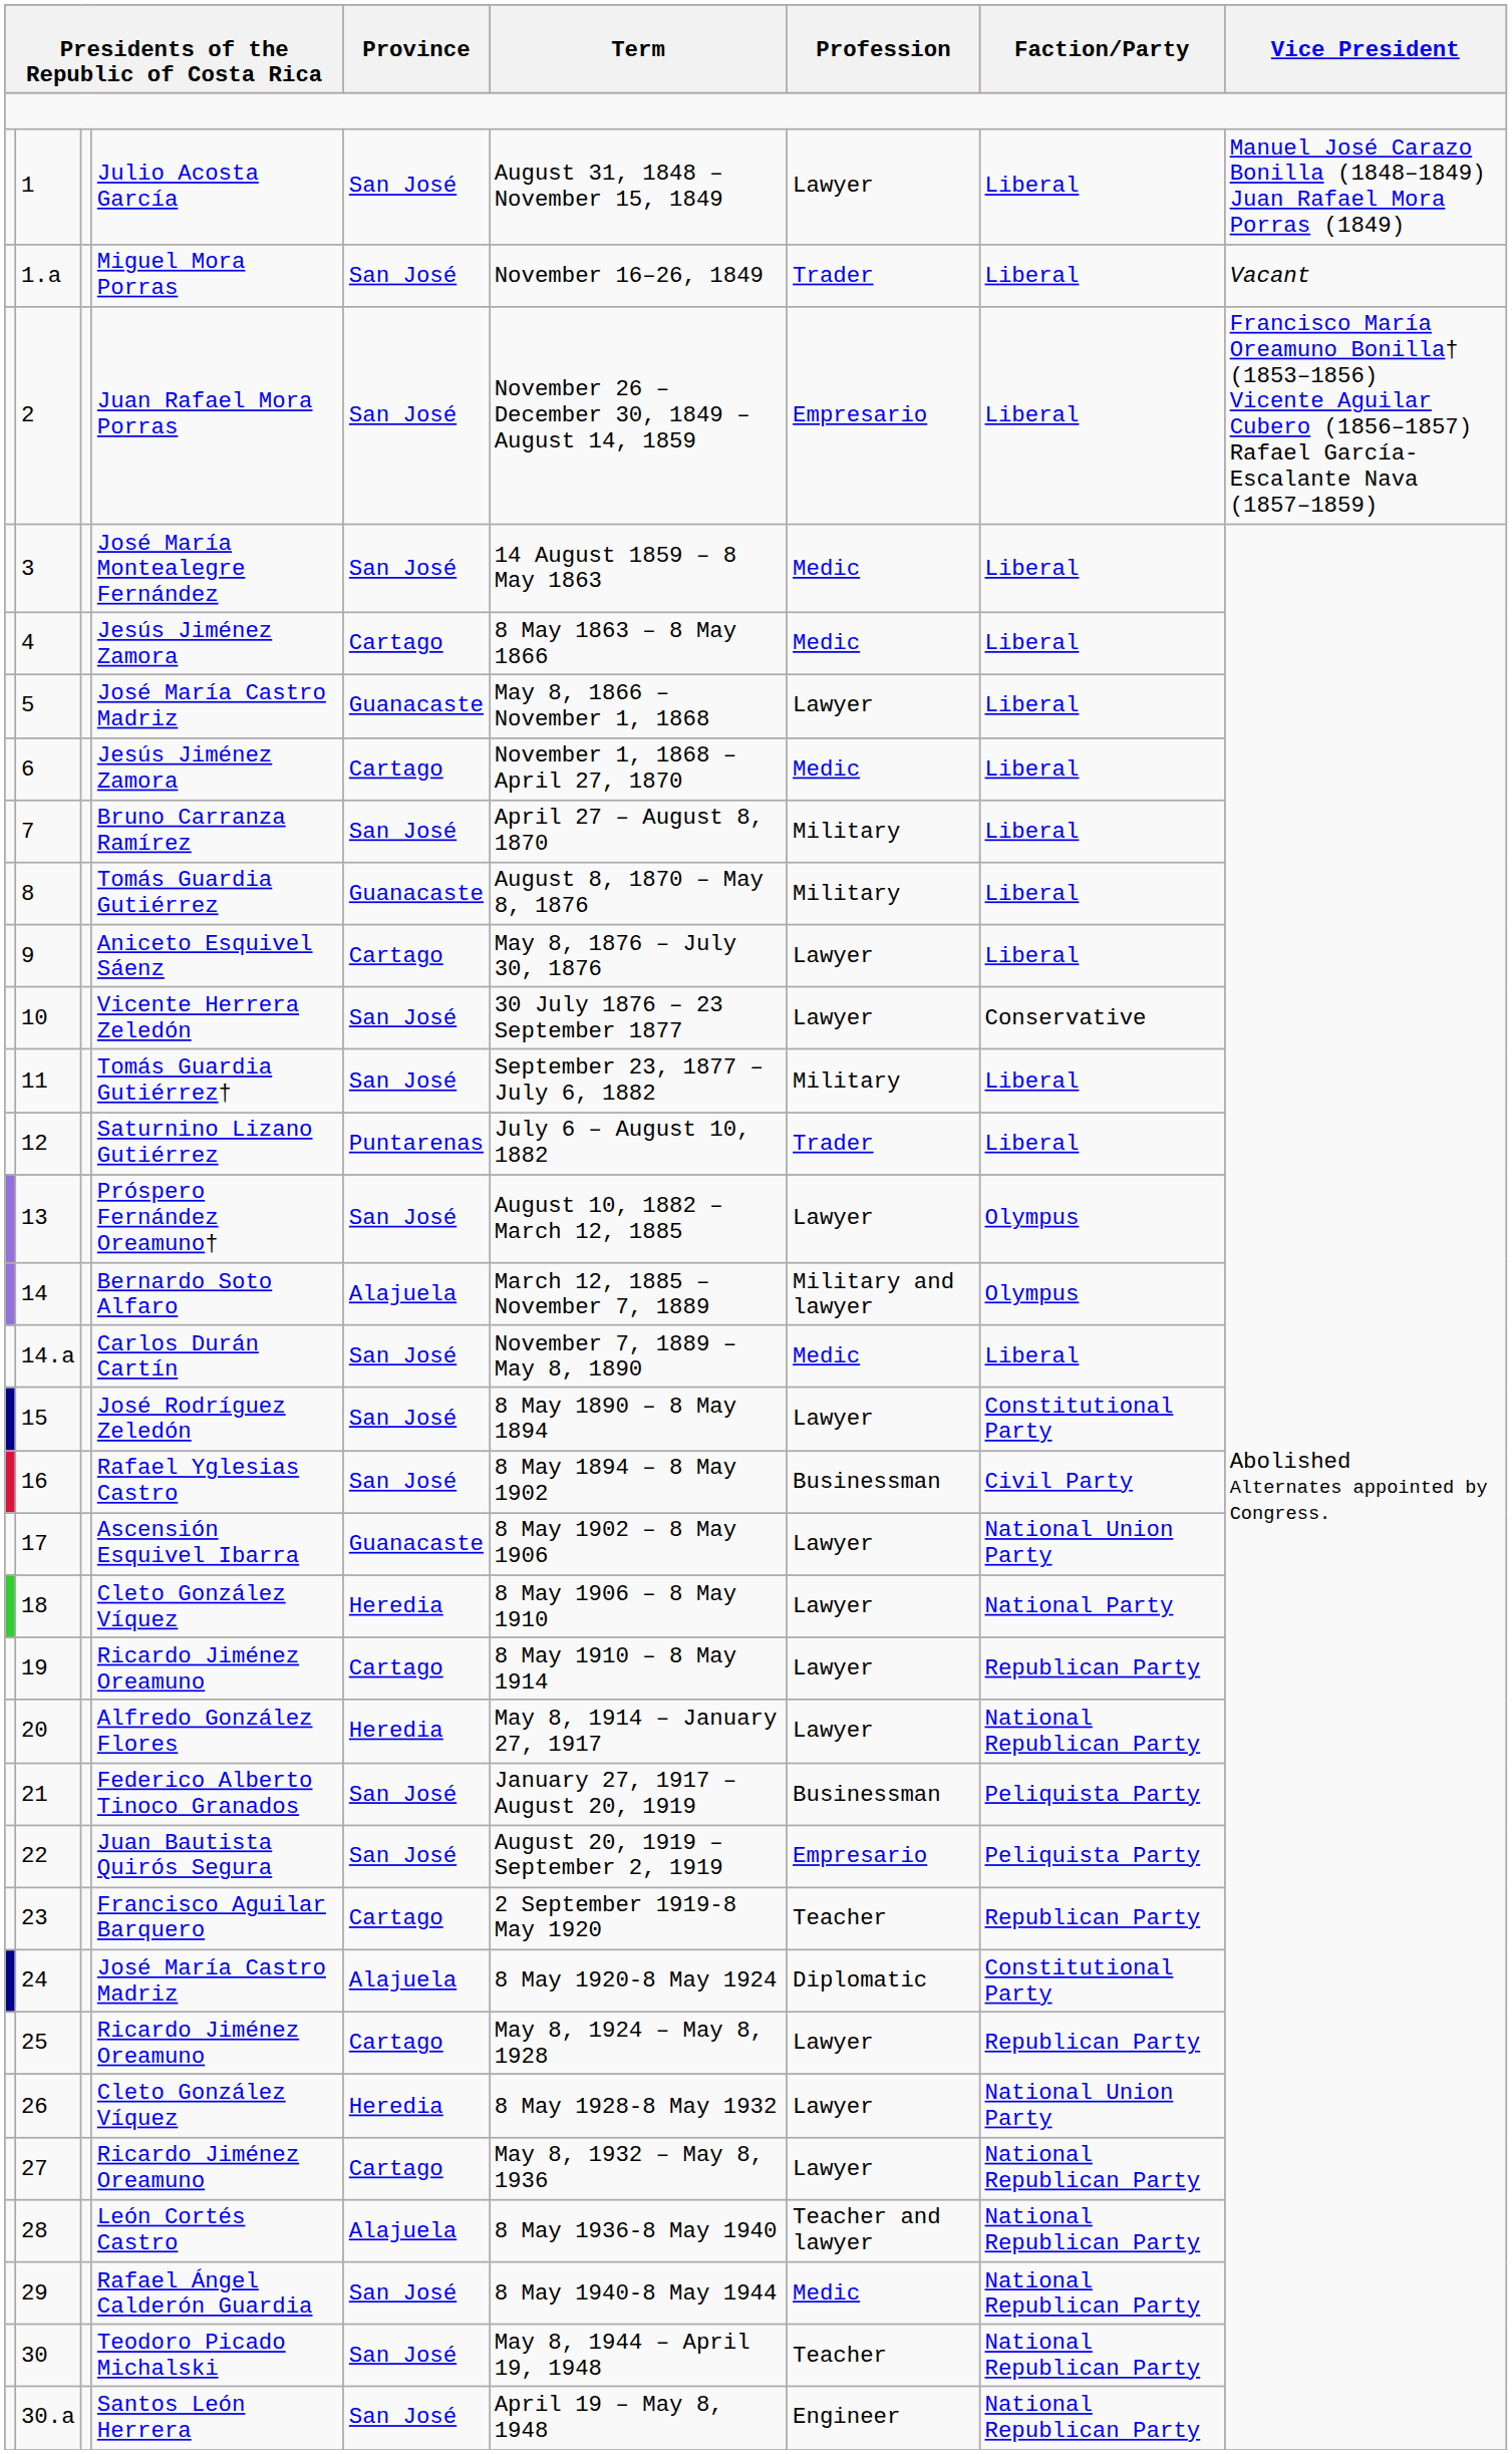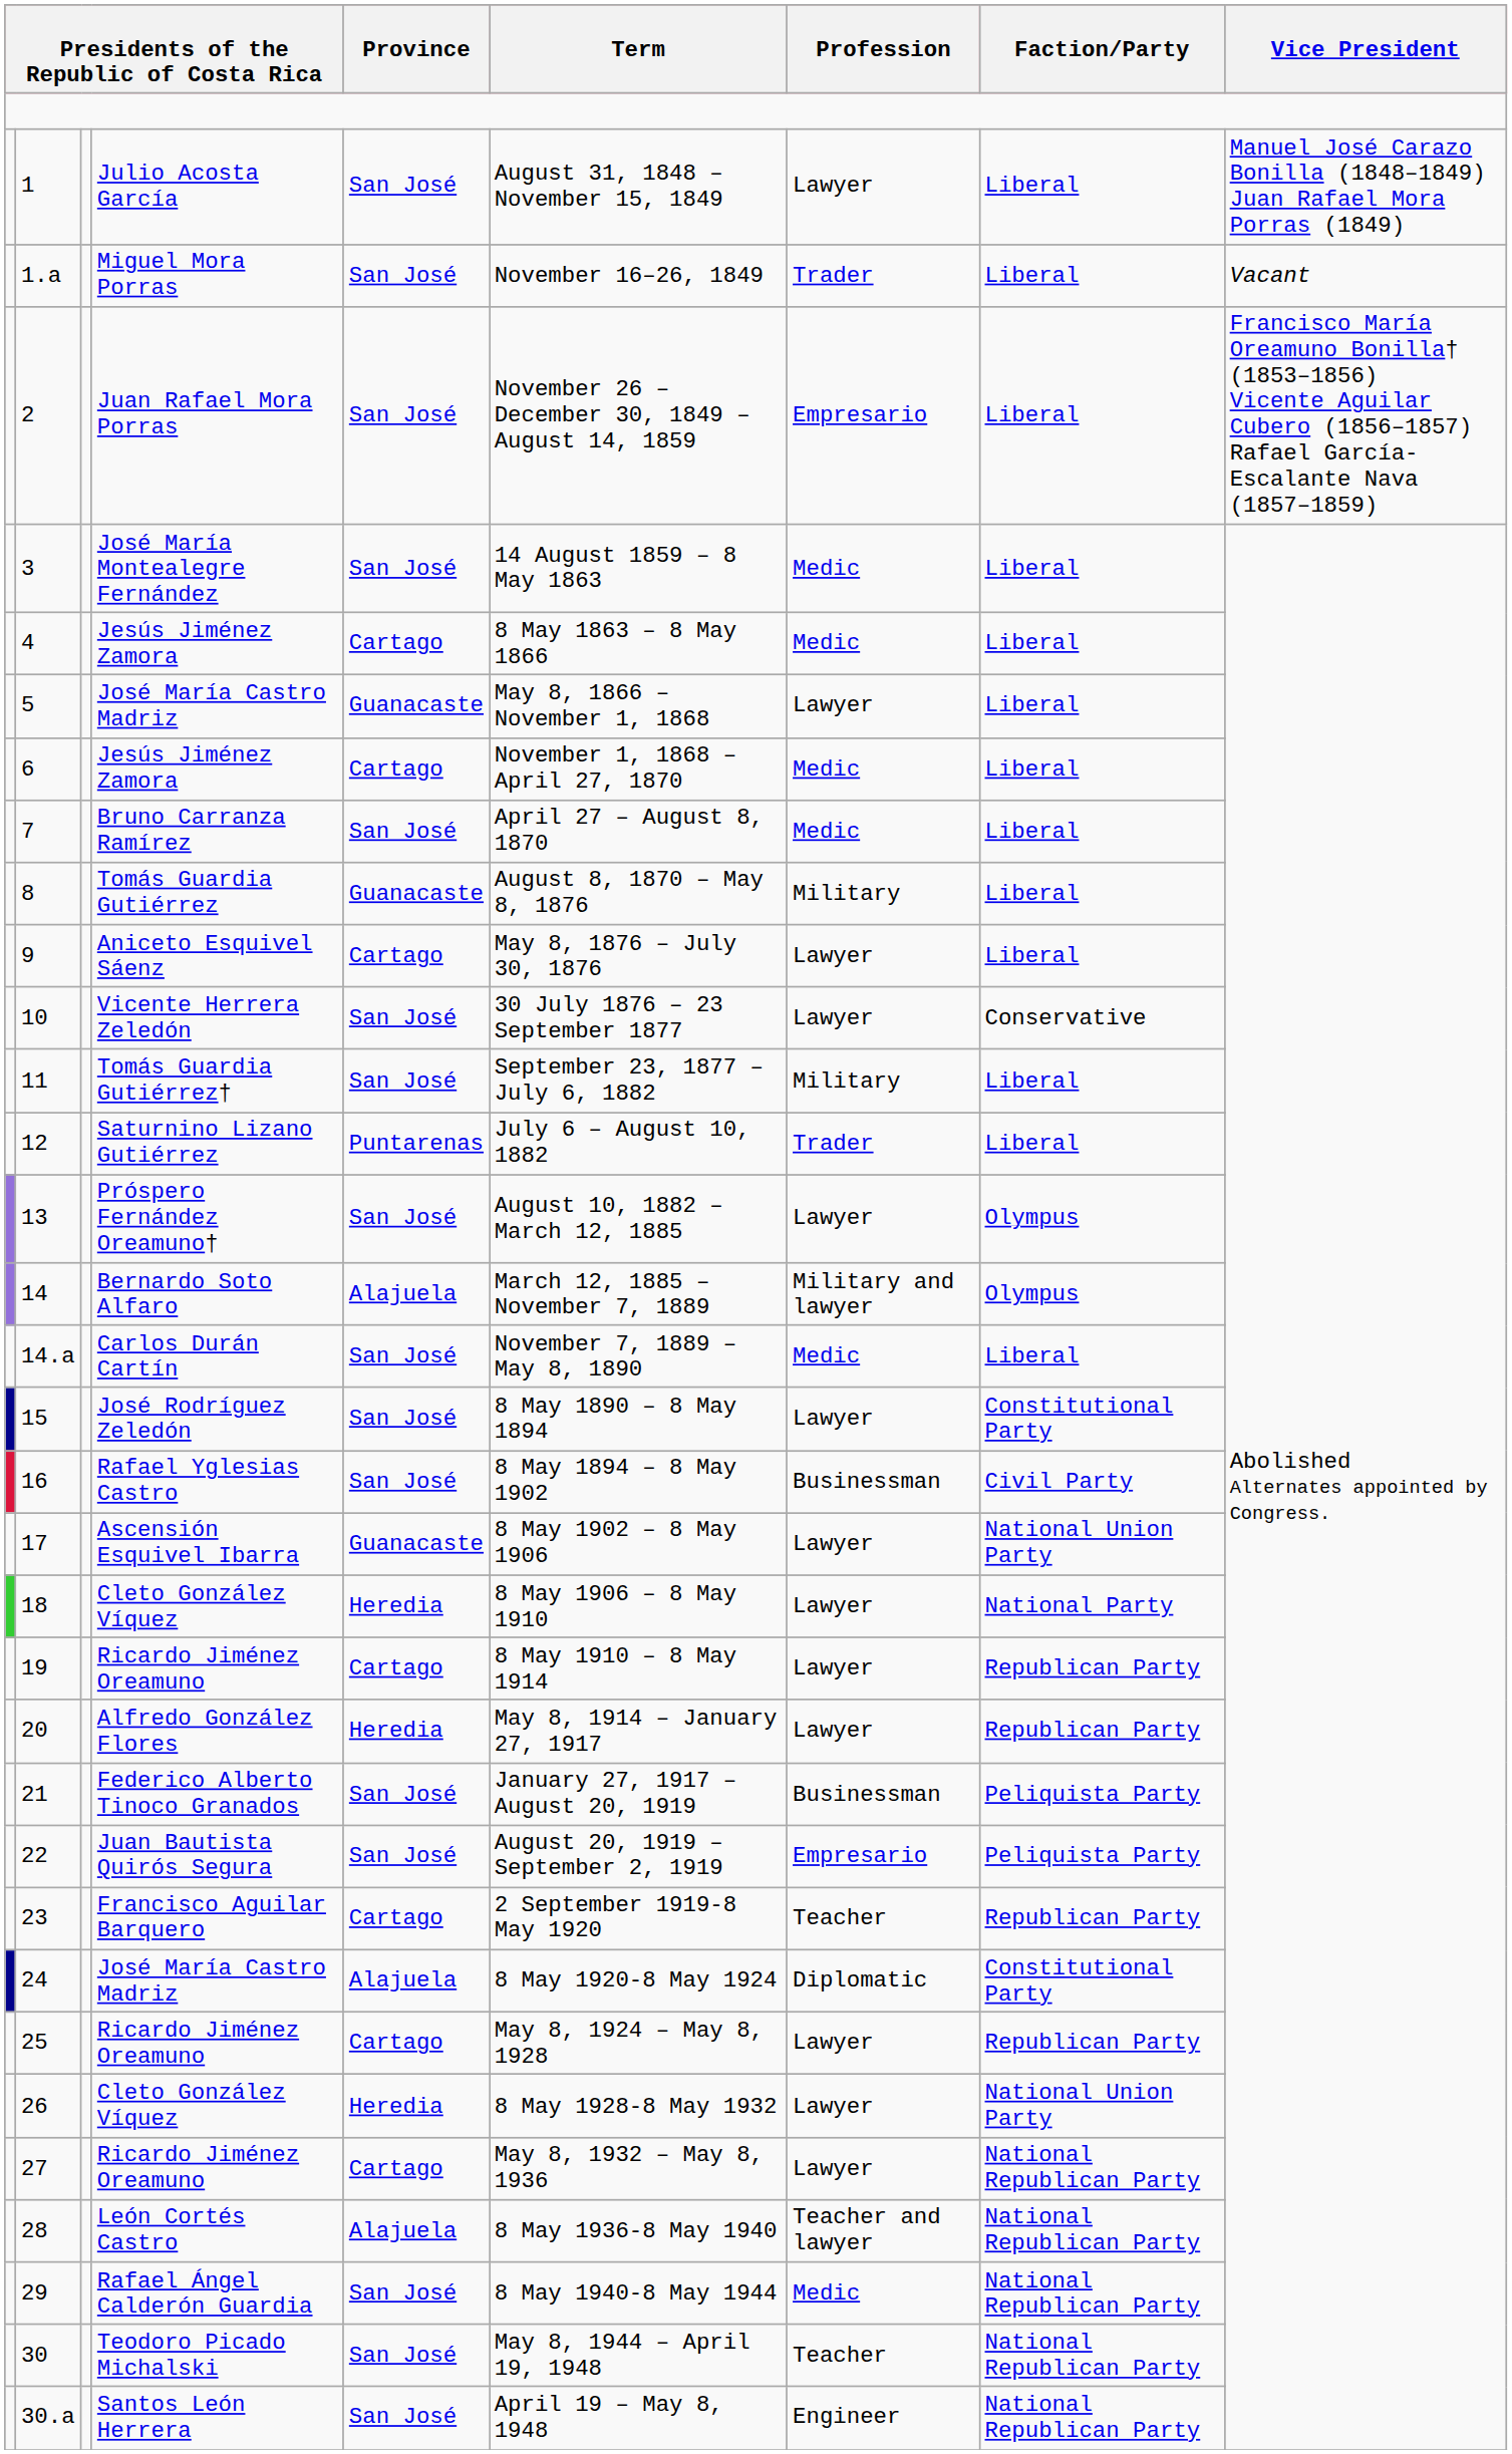 <table class="wikitable">
 <tr bgcolor=#E4E8FF8657856785678>
 <th Colspan=4><br>Presidents of the Republic of Costa Rica</th>
 <th>Province</th>
 <th>Term<br></th>
 <th>Profession</th>
 <th>Faction/Party</th>
 <th><a href='#'>Vice President</a></th>
 </tr>
 <tr>
 <td colspan=9><br><div>          </div></td>
 </tr>
 <tr>
 <td style="background:"></td>
 <td>1</td>
 <td></td>
 <td><a href='#'>Julio Acosta García</a></td>
 <td><a href='#'>San José</a></td>
 <td>August 31, 1848 – November 15, 1849 <br></td>
 <td>Lawyer</td>
 <td><a href='#'>Liberal</a></td>
 <td><a href='#'>Manuel José Carazo Bonilla</a> (1848–1849)<br><a href='#'>Juan Rafael Mora Porras</a> (1849)</td>
 </tr>
 <tr>
 <td style="background:"></td>
 <td>1.a</td>
 <td></td>
 <td><a href='#'>Miguel Mora Porras</a></td>
 <td><a href='#'>San José</a></td>
 <td>November 16–26, 1849<br></td>
 <td><a href='#'>Trader</a></td>
 <td><a href='#'>Liberal</a></td>
 <td><em>Vacant</em></td>
 </tr>
 <tr>
 <td style="background:"></td>
 <td>2</td>
 <td></td>
 <td><a href='#'>Juan Rafael Mora Porras</a></td>
 <td><a href='#'>San José</a></td>
 <td>November 26 – December 30, 1849 – August 14, 1859 <br></td>
 <td><a href='#'>Empresario</a></td>
 <td><a href='#'>Liberal</a></td>
 <td><a href='#'>Francisco María Oreamuno Bonilla</a>† (1853–1856)<br><a href='#'>Vicente Aguilar Cubero</a> (1856–1857)<br>Rafael García-Escalante Nava (1857–1859)</td>
 </tr>
 <tr>
 <td style="background:"></td>
 <td>3</td>
 <td></td>
 <td><a href='#'>José María Montealegre Fernández</a></td>
 <td><a href='#'>San José</a></td>
 <td>14 August 1859 – 8 May 1863<br></td>
 <td><a href='#'>Medic</a></td>
 <td><a href='#'>Liberal</a></td>
 <td rowspan=30>Abolished<br> <small>Alternates appointed by Congress.</small></td>
 </tr>
 <tr>
 <td style="background:"></td>
 <td>4</td>
 <td></td>
 <td><a href='#'>Jesús Jiménez Zamora</a></td>
 <td><a href='#'>Cartago</a></td>
 <td>8 May 1863 – 8 May 1866<br></td>
 <td><a href='#'>Medic</a></td>
 <td><a href='#'>Liberal</a></td>
 </tr>
 <tr>
 <td style="background:"></td>
 <td>5</td>
 <td></td>
 <td><a href='#'>José María Castro Madriz</a></td>
 <td><a href='#'>Guanacaste</a></td>
 <td>May 8, 1866 – November 1, 1868 <br></td>
 <td>Lawyer</td>
 <td><a href='#'>Liberal</a></td>
 </tr>
 <tr>
 <td style="background:"></td>
 <td>6</td>
 <td></td>
 <td><a href='#'>Jesús Jiménez Zamora</a></td>
 <td><a href='#'>Cartago</a></td>
 <td>November 1, 1868 – April 27, 1870 <br></td>
 <td><a href='#'>Medic</a></td>
 <td><a href='#'>Liberal</a></td>
 </tr>
 <tr>
 <td style="background:"></td>
 <td>7</td>
 <td></td>
 <td><a href='#'>Bruno Carranza Ramírez</a></td>
 <td><a href='#'>San José</a></td>
 <td>April 27 – August 8, 1870 <br></td>
-<td>Military</td>
+<td><a href='#'>Medic</a></td>
 <td><a href='#'>Liberal</a></td>
 </tr>
 <tr>
 <td style="background:"></td>
 <td>8</td>
 <td></td>
 <td><a href='#'>Tomás Guardia Gutiérrez</a></td>
 <td><a href='#'>Guanacaste</a></td>
 <td>August 8, 1870 – May 8, 1876 <br></td>
 <td>Military</td>
 <td><a href='#'>Liberal</a></td>
 </tr>
 <tr>
 <td style="background:"></td>
 <td>9</td>
 <td></td>
 <td><a href='#'>Aniceto Esquivel Sáenz</a></td>
 <td><a href='#'>Cartago</a></td>
 <td>May 8, 1876 – July 30, 1876 <br></td>
 <td>Lawyer</td>
 <td><a href='#'>Liberal</a></td>
 </tr>
 <tr>
 <td style="background:"></td>
 <td>10</td>
 <td></td>
 <td><a href='#'>Vicente Herrera Zeledón</a></td>
 <td><a href='#'>San José</a></td>
 <td>30 July 1876 – 23 September 1877<br></td>
 <td>Lawyer</td>
 <td>Conservative</td>
 </tr>
 <tr>
 <td style="background:"></td>
 <td>11</td>
 <td></td>
 <td><a href='#'>Tomás Guardia Gutiérrez</a>†</td>
 <td><a href='#'>San José</a></td>
 <td>September 23, 1877 – July 6, 1882 <br></td>
 <td>Military</td>
 <td><a href='#'>Liberal</a></td>
 </tr>
 <tr>
 <td style="background:"></td>
 <td>12</td>
 <td></td>
 <td><a href='#'>Saturnino Lizano Gutiérrez</a></td>
 <td><a href='#'>Puntarenas</a></td>
 <td>July 6 – August 10, 1882 <br></td>
 <td><a href='#'>Trader</a></td>
 <td><a href='#'>Liberal</a></td>
 </tr>
 <tr>
 <td style="background: #9370DB; color:white"></td>
 <td>13</td>
 <td></td>
 <td><a href='#'>Próspero Fernández Oreamuno</a>†</td>
 <td><a href='#'>San José</a></td>
 <td>August 10, 1882 – March 12, 1885 <br></td>
 <td>Lawyer</td>
 <td><a href='#'>Olympus</a></td>
 </tr>
 <tr>
 <td style="background: #9370DB; color:white"></td>
 <td>14</td>
 <td></td>
 <td><a href='#'>Bernardo Soto Alfaro</a></td>
 <td><a href='#'>Alajuela</a></td>
 <td>March 12, 1885 – November 7, 1889 <br></td>
 <td>Military and lawyer</td>
 <td><a href='#'>Olympus</a></td>
 </tr>
 <tr>
 <td style="background:"></td>
 <td>14.a</td>
 <td></td>
 <td><a href='#'>Carlos Durán Cartín</a></td>
 <td><a href='#'>San José</a></td>
 <td>November 7, 1889 – May 8, 1890 <br></td>
 <td><a href='#'>Medic</a></td>
 <td><a href='#'>Liberal</a></td>
 </tr>
 <tr>
 <td style="background:DarkBlue; color: white"></td>
 <td>15</td>
 <td></td>
 <td><a href='#'>José Rodríguez Zeledón</a></td>
 <td><a href='#'>San José</a></td>
 <td>8 May 1890 – 8 May 1894<br></td>
 <td>Lawyer</td>
 <td><a href='#'>Constitutional Party</a></td>
 </tr>
 <tr>
 <td style="background:Crimson; color: white"></td>
 <td>16</td>
 <td></td>
 <td><a href='#'>Rafael Yglesias Castro</a></td>
 <td><a href='#'>San José</a></td>
 <td>8 May 1894 – 8 May 1902<br></td>
 <td>Businessman</td>
 <td><a href='#'>Civil Party</a></td>
 </tr>
 <tr>
 <td style="background:"></td>
 <td>17</td>
 <td></td>
 <td><a href='#'>Ascensión Esquivel Ibarra</a></td>
 <td><a href='#'>Guanacaste</a></td>
 <td>8 May 1902 – 8 May 1906<br></td>
 <td>Lawyer</td>
 <td><a href='#'>National Union Party</a></td>
 </tr>
 <tr>
 <td style="background:Limegreen; color: white; color: white"></td>
 <td>18</td>
 <td></td>
 <td><a href='#'>Cleto González Víquez</a></td>
 <td><a href='#'>Heredia</a></td>
 <td>8 May 1906 – 8 May 1910<br></td>
 <td>Lawyer</td>
 <td><a href='#'>National Party</a></td>
 </tr>
 <tr>
 <td style="background:"></td>
 <td>19</td>
 <td></td>
 <td><a href='#'>Ricardo Jiménez Oreamuno</a></td>
 <td><a href='#'>Cartago</a></td>
 <td>8 May 1910 – 8 May 1914<br></td>
 <td>Lawyer</td>
 <td><a href='#'>Republican Party</a></td>
 </tr>
 <tr>
 <td style="background:"></td>
 <td>20</td>
 <td></td>
 <td><a href='#'>Alfredo González Flores</a></td>
 <td><a href='#'>Heredia</a></td>
 <td>May 8, 1914 – January 27, 1917 <br></td>
 <td>Lawyer</td>
-<td><a href='#'>National Republican Party</a></td>
+<td><a href='#'>Republican Party</a></td>
 </tr>
 <tr>
 <td style="background:"></td>
 <td>21</td>
 <td></td>
 <td><a href='#'>Federico Alberto Tinoco Granados</a></td>
 <td><a href='#'>San José</a></td>
 <td>January 27, 1917 – August 20, 1919 <br></td>
 <td>Businessman</td>
 <td><a href='#'>Peliquista Party</a></td>
 </tr>
 <tr>
 <td style="background:"></td>
 <td>22</td>
 <td></td>
 <td><a href='#'>Juan Bautista Quirós Segura</a></td>
 <td><a href='#'>San José</a></td>
 <td>August 20, 1919 – September 2, 1919 <br></td>
 <td><a href='#'>Empresario</a></td>
 <td><a href='#'>Peliquista Party</a></td>
 </tr>
 <tr>
 <td style="background:"></td>
 <td>23</td>
 <td></td>
 <td><a href='#'>Francisco Aguilar Barquero</a></td>
 <td><a href='#'>Cartago</a></td>
 <td>2 September 1919-8 May 1920<br></td>
 <td>Teacher</td>
 <td><a href='#'>Republican Party</a></td>
 </tr>
 <tr>
 <td style="background:DarkBlue; color: white"></td>
 <td>24</td>
 <td></td>
 <td><a href='#'>José María Castro Madriz</a></td>
 <td><a href='#'>Alajuela</a></td>
 <td>8 May 1920-8 May 1924<br></td>
 <td>Diplomatic</td>
 <td><a href='#'>Constitutional Party</a></td>
 </tr>
 <tr>
 <td style="background:"></td>
 <td>25</td>
 <td></td>
 <td><a href='#'>Ricardo Jiménez Oreamuno</a></td>
 <td><a href='#'>Cartago</a></td>
 <td>May 8, 1924 – May 8, 1928 <br></td>
 <td>Lawyer</td>
 <td><a href='#'>Republican Party</a></td>
 </tr>
 <tr>
 <td style="background:"></td>
 <td>26</td>
 <td></td>
 <td><a href='#'>Cleto González Víquez</a></td>
 <td><a href='#'>Heredia</a></td>
 <td>8 May 1928-8 May 1932<br></td>
 <td>Lawyer</td>
 <td><a href='#'>National Union Party</a></td>
 </tr>
 <tr>
 <td style="background:"></td>
 <td>27</td>
 <td></td>
 <td><a href='#'>Ricardo Jiménez Oreamuno</a></td>
 <td><a href='#'>Cartago</a></td>
 <td>May 8, 1932 – May 8, 1936 <br></td>
 <td>Lawyer</td>
 <td><a href='#'>National Republican Party</a></td>
 </tr>
 <tr>
 <td style="background:"></td>
 <td>28</td>
 <td></td>
 <td><a href='#'>León Cortés Castro</a></td>
 <td><a href='#'>Alajuela</a></td>
 <td>8 May 1936-8 May 1940<br></td>
 <td>Teacher and lawyer</td>
 <td><a href='#'>National Republican Party</a></td>
 </tr>
 <tr>
 <td style="background:"></td>
 <td>29</td>
 <td></td>
 <td><a href='#'>Rafael Ángel Calderón Guardia</a></td>
 <td><a href='#'>San José</a></td>
 <td>8 May 1940-8 May 1944<br></td>
 <td><a href='#'>Medic</a></td>
 <td><a href='#'>National Republican Party</a></td>
 </tr>
 <tr>
 <td style="background:"></td>
 <td>30</td>
 <td></td>
 <td><a href='#'>Teodoro Picado Michalski</a></td>
 <td><a href='#'>San José</a></td>
 <td>May 8, 1944 – April 19, 1948 <br></td>
 <td>Teacher</td>
 <td><a href='#'>National Republican Party</a></td>
 </tr>
 <tr>
 <td style="background:"></td>
 <td>30.a</td>
 <td></td>
 <td><a href='#'>Santos León Herrera</a></td>
 <td><a href='#'>San José</a></td>
 <td>April 19 – May 8, 1948 <br></td>
 <td>Engineer</td>
 <td><a href='#'>National Republican Party</a></td>
 </tr>
 </table>
